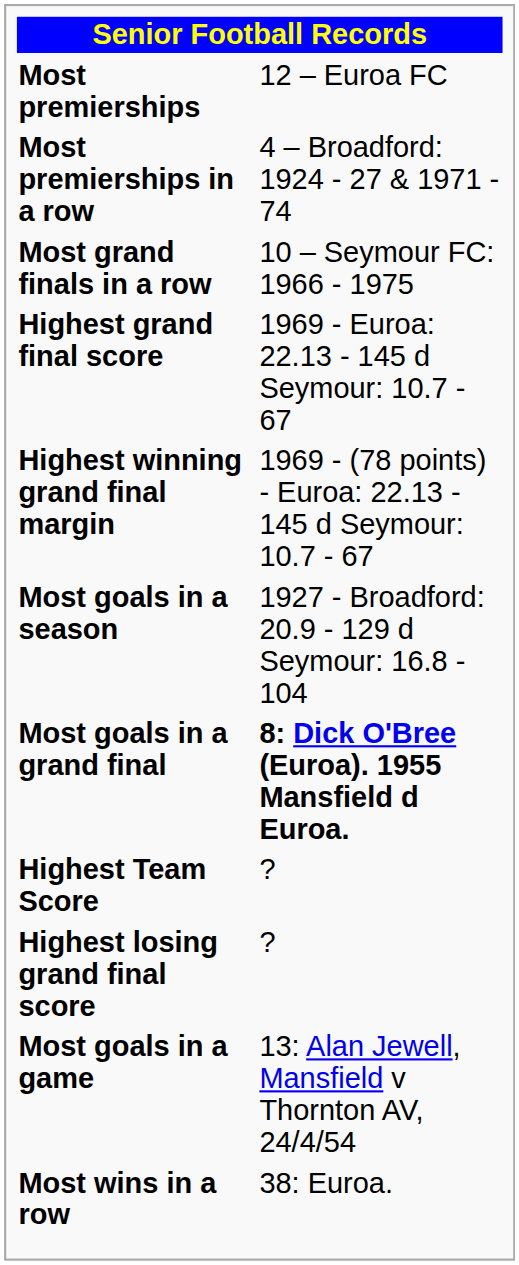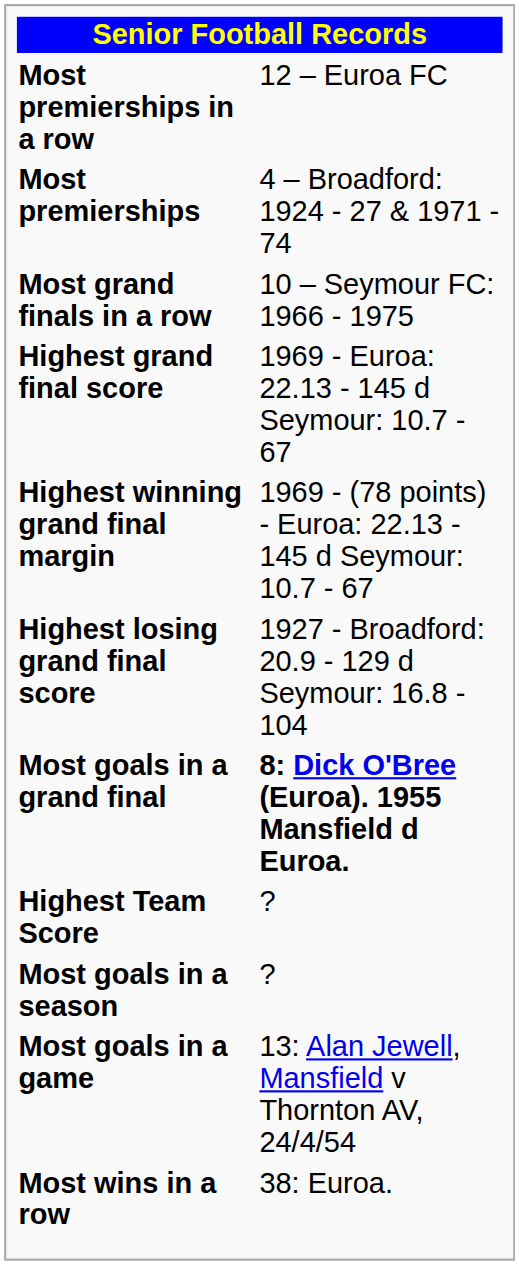 <table class="infobox" style="width:240px; font-size: 85%;">
 <tr>
 <th colspan="2" style="background:blue; color:yellow; text-align:center;"><strong>Senior Football Records</strong></th>
 </tr>
 <tr style="vertical-align: top;">
-<td><strong>Most premierships</strong></td>
+<td><strong>Most premierships in a row</strong></td>
 <td>12 –  Euroa FC</td>
 </tr>
 <tr>
-<td><strong>Most premierships in a row</strong></td>
+<td><strong>Most premierships</strong></td>
 <td>4 – Broadford: 1924 - 27 & 1971 - 74</td>
 </tr>
 <tr>
 <td><strong>Most grand finals in a row</strong></td>
 <td>10 – Seymour FC: 1966 - 1975</td>
 </tr>
 <tr>
 <td><strong>Highest grand final score</strong></td>
 <td>1969 - Euroa: 22.13 - 145 d Seymour: 10.7 - 67</td>
 </tr>
 <tr>
 <td><strong>Highest winning grand final margin</strong></td>
 <td>1969 - (78 points) - Euroa: 22.13 - 145 d Seymour: 10.7 - 67</td>
 </tr>
 <tr>
-<td><strong>Most goals in a season</strong></td>
+<td><strong>Highest losing grand final score</strong></td>
 <td>1927 - Broadford: 20.9 - 129 d Seymour: 16.8 - 104</td>
 </tr>
 <tr>
 <td><strong>Most goals in a grand final</strong></td>
 <td><strong>8: <a href='#'>Dick O'Bree</a> (Euroa). 1955 Mansfield d Euroa.</strong></td>
 </tr>
 <tr>
 <td><strong>Highest Team Score</strong></td>
 <td>?</td>
 </tr>
 <tr>
-<td><strong>Highest losing grand final score</strong></td>
+<td><strong>Most goals in a season</strong></td>
 <td>?</td>
 </tr>
 <tr>
 <td><strong>Most goals in a game</strong></td>
 <td>13: <a href='#'>Alan Jewell</a>, <a href='#'>Mansfield</a> v Thornton AV, 24/4/54</td>
 </tr>
 <tr>
 <td><strong>Most wins in a row</strong></td>
 <td>38: Euroa.</td>
 </tr>
 <tr>
 </tr>
 <tr style="vertical-align: top;"jnh>
 <td></td>
 </tr>
 <tr>
 </tr>
 </table>
